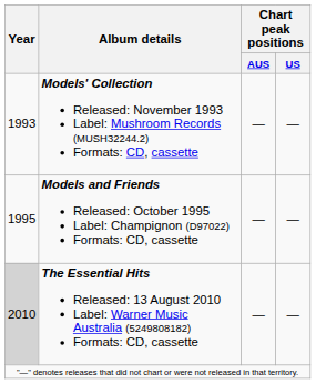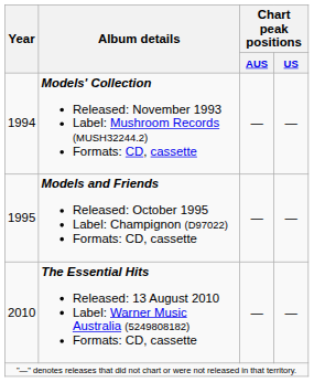 <table class="wikitable">
 <tr>
 <th rowspan="2" style="width:35px;">Year</th>
 <th style="width:250px;" rowspan="2">Album details</th>
 <th style="width:80px;" colspan="2">Chart peak positions</th>
 </tr>
 <tr>
 <th style="width:30px;"><small><a href='#'>AUS</a><br></small></th>
 <th style="width:30px;"><small><a href='#'>US</a><br></small></th>
 </tr>
 <tr>
-<td style="text-align:center;">1993</td>
+<td style="text-align:center;">1994</td>
 <td><strong><em>Models' Collection</em></strong><br><ul><li>Released: November 1993</li><li>Label: <a href='#'>Mushroom Records</a> <small>(MUSH32244.2)</small></li><li>Formats: <a href='#'>CD</a>, <a href='#'>cassette</a></li></ul></td>
 <td style="text-align:center;">—</td>
 <td style="text-align:center;">—</td>
 </tr>
 <tr>
 <td style="text-align:center;">1995</td>
 <td><strong><em>Models and Friends</em></strong><br><ul><li>Released: October 1995</li><li>Label: Champignon <small>(D97022)</small></li><li>Formats: CD, cassette</li></ul></td>
 <td style="text-align:center;">—</td>
 <td style="text-align:center;">—</td>
 </tr>
 <tr>
-<td style="background: lightgrey; text-align:center;">2010</td>
+<td style="text-align:center;">2010</td>
 <td><strong><em>The Essential Hits</em></strong><br><ul><li>Released: 13 August 2010</li><li>Label: <a href='#'>Warner Music Australia</a> <small> (5249808182) </small></li><li>Formats: CD, cassette</li></ul></td>
 <td style="text-align:center;">—</td>
 <td style="text-align:center;">—</td>
 </tr>
 <tr>
 <td colspan="5" style="text-align:center; font-size:8pt;">"—" denotes releases that did not chart or were not released in that territory.</td>
 </tr>
 </table>
